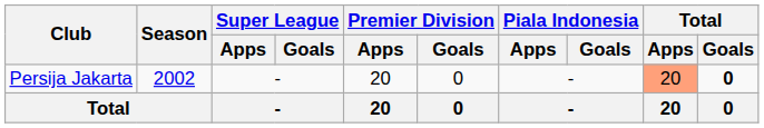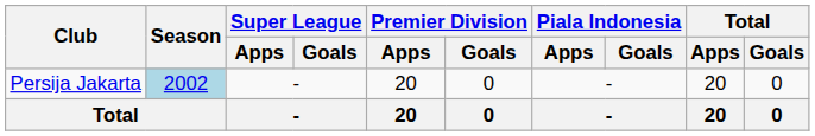 <table class="wikitable" style="font-size:90%; text-align:center;">
 <tr>
 <th rowspan="2">Club</th>
 <th rowspan="2">Season</th>
 <th colspan="2"><a href='#'>Super League</a></th>
 <th colspan="2"><a href='#'>Premier Division</a></th>
 <th colspan="2"><a href='#'>Piala Indonesia</a></th>
 <th colspan="2">Total</th>
 </tr>
 <tr>
 <th>Apps</th>
 <th>Goals</th>
 <th>Apps</th>
 <th>Goals</th>
 <th>Apps</th>
 <th>Goals</th>
 <th>Apps</th>
 <th>Goals</th>
 </tr>
 <tr>
 <td rowspan="1"><a href='#'>Persija Jakarta</a></td>
-<td><a href='#'>2002</a></td>
+<td style="background: lightblue;"><a href='#'>2002</a></td>
 <td colspan="2">-</td>
 <td>20</td>
 <td>0</td>
 <td colspan="2">-</td>
-<td style="background: lightsalmon;">20</td>
-<td><strong>0</strong></td>
+<td>20</td>
+<td>0</td>
 </tr>
 <tr>
 <th colspan="2">Total</th>
 <th colspan="2">-</th>
 <th>20</th>
 <th>0</th>
 <th colspan="2">-</th>
 <th>20</th>
 <th>0</th>
 </tr>
 </table>
